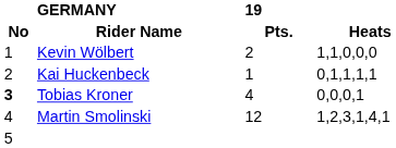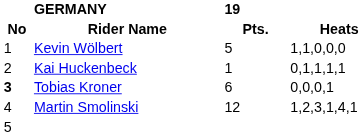 <table class="toccolours">
 <tr>
 <td></td>
 <td><strong>GERMANY</strong></td>
 <td><strong>19</strong></td>
 </tr>
 <tr style="background-color:">
 <th width=30px>No</th>
 <th width=210px>Rider Name</th>
 <th width=70px>Pts.</th>
 <th width=110px>Heats</th>
 </tr>
 <tr style="background-color:">
 <td>1</td>
 <td><a href='#'>Kevin Wölbert</a></td>
-<td>2</td>
+<td>5</td>
 <td>1,1,0,0,0</td>
 </tr>
 <tr style="background-color:">
 <td>2</td>
 <td><a href='#'>Kai Huckenbeck</a></td>
 <td>1</td>
 <td>0,1,1,1,1</td>
 </tr>
 <tr style="background-color:">
 <td><strong>3</strong></td>
 <td><a href='#'>Tobias Kroner</a></td>
-<td>4</td>
+<td>6</td>
 <td>0,0,0,1</td>
 </tr>
 <tr style="background-color:">
 <td>4</td>
 <td><a href='#'>Martin Smolinski</a></td>
 <td>12</td>
 <td>1,2,3,1,4,1</td>
 </tr>
 <tr style="background-color:">
 <td>5</td>
 <td></td>
 <td></td>
 <td></td>
 </tr>
 </table>
